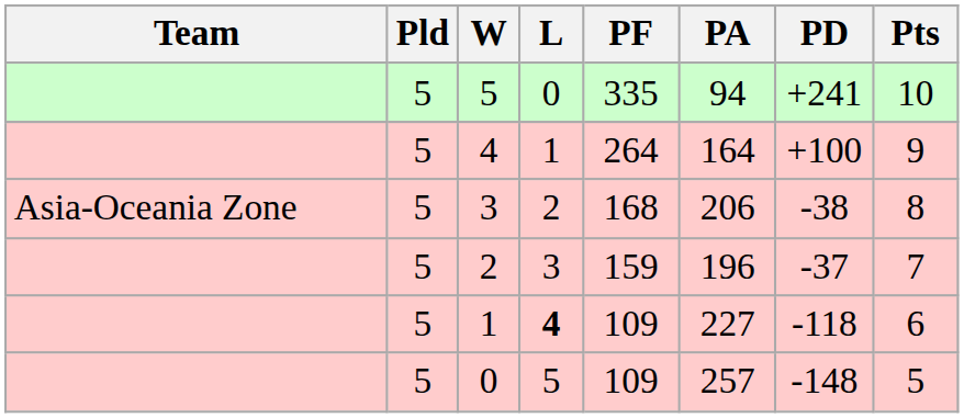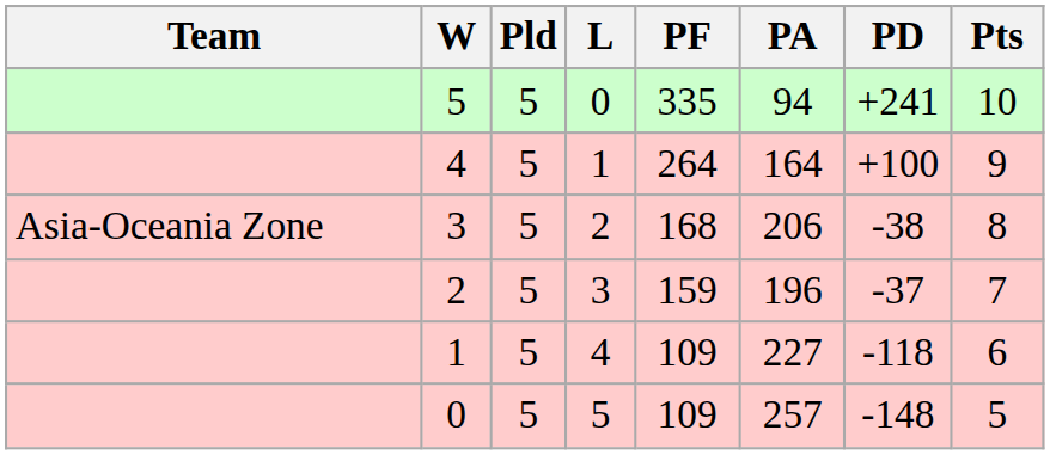 <table class=wikitable style="text-align:center">
 <tr>
 <th width=160>Team</th>
+<th width=20>W</th>
 <th width=20>Pld</th>
-<th width=20>W</th>
 <th width=20>L</th>
 <th width=35>PF</th>
 <th width=35>PA</th>
 <th width=35>PD</th>
 <th width=30>Pts</th>
 </tr>
 <tr align="center" bgcolor="#CCFFCC">
 <td align=left></td>
 <td>5</td>
 <td>5</td>
 <td>0</td>
 <td>335</td>
 <td>94</td>
 <td>+241</td>
 <td>10</td>
 </tr>
 <tr align="center" bgcolor="#FFCCCC">
 <td align=left></td>
+<td>4</td>
 <td>5</td>
-<td>4</td>
 <td>1</td>
 <td>264</td>
 <td>164</td>
 <td>+100</td>
 <td>9</td>
 </tr>
 <tr align="center" bgcolor="#FFCCCC">
 <td align=left> Asia-Oceania Zone</td>
+<td>3</td>
 <td>5</td>
-<td>3</td>
 <td>2</td>
 <td>168</td>
 <td>206</td>
 <td>-38</td>
 <td>8</td>
 </tr>
 <tr align="center" bgcolor="#FFCCCC">
 <td align=left></td>
+<td>2</td>
 <td>5</td>
-<td>2</td>
 <td>3</td>
 <td>159</td>
 <td>196</td>
 <td>-37</td>
 <td>7</td>
 </tr>
 <tr align="center" bgcolor="#FFCCCC">
 <td align=left></td>
+<td>1</td>
 <td>5</td>
-<td>1</td>
-<td><strong>4</strong></td>
+<td>4</td>
 <td>109</td>
 <td>227</td>
 <td>-118</td>
 <td>6</td>
 </tr>
 <tr align="center" bgcolor="#FFCCCC">
 <td align=left></td>
+<td>0</td>
 <td>5</td>
-<td>0</td>
 <td>5</td>
 <td>109</td>
 <td>257</td>
 <td>-148</td>
 <td>5</td>
 </tr>
 </table>
